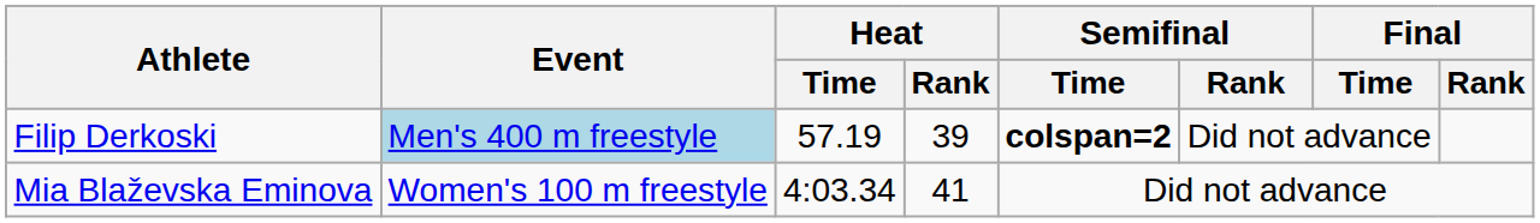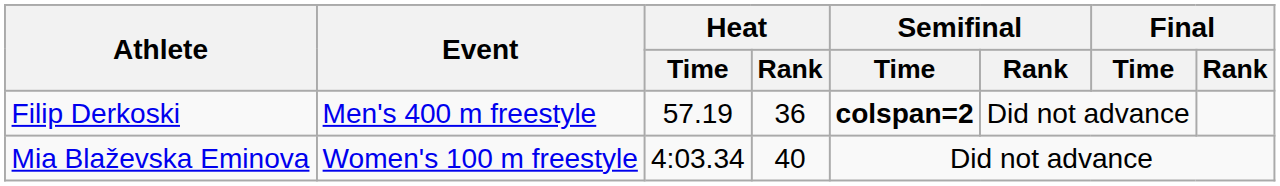 <table class=wikitable style="font-size:90%">
 <tr>
 <th rowspan="2">Athlete</th>
 <th rowspan="2">Event</th>
 <th colspan="2">Heat</th>
 <th colspan="2">Semifinal</th>
 <th colspan="2">Final</th>
 </tr>
 <tr style="font-size:95%">
 <th>Time</th>
 <th>Rank</th>
 <th>Time</th>
 <th>Rank</th>
 <th>Time</th>
 <th>Rank</th>
 </tr>
 <tr align=center>
 <td align=left><a href='#'>Filip Derkoski</a></td>
-<td align=left style="background: lightblue;"><a href='#'>Men's 400 m freestyle</a></td>
+<td align=left><a href='#'>Men's 400 m freestyle</a></td>
 <td>57.19</td>
-<td>39</td>
+<td>36</td>
 <td><strong>colspan=2 </strong></td>
 <td colspan="2">Did not advance</td>
 </tr>
 <tr align=center>
 <td align=left><a href='#'>Mia Blaževska Eminova</a></td>
 <td align=left><a href='#'>Women's 100 m freestyle</a></td>
 <td>4:03.34</td>
-<td>41</td>
+<td>40</td>
 <td colspan="4">Did not advance</td>
 </tr>
 </table>
